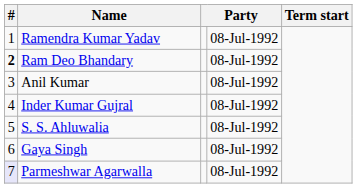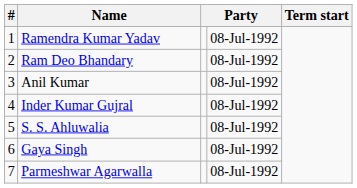 <table class="wikitable">
 <tr>
 <th>#</th>
 <th style="width:200px">Name</th>
 <th colspan="2">Party</th>
 <th>Term start</th>
 </tr>
 <tr>
 <td>1</td>
 <td><a href='#'>Ramendra Kumar Yadav</a></td>
 <td></td>
 <td>08-Jul-1992</td>
 </tr>
 <tr>
-<td><strong>2</strong></td>
+<td>2</td>
 <td><a href='#'>Ram Deo Bhandary</a></td>
 <td></td>
 <td>08-Jul-1992</td>
 </tr>
 <tr>
 <td>3</td>
 <td>Anil Kumar</td>
 <td></td>
 <td>08-Jul-1992</td>
 </tr>
 <tr>
 <td>4</td>
 <td><a href='#'>Inder Kumar Gujral</a></td>
 <td></td>
 <td>08-Jul-1992</td>
 </tr>
 <tr>
 <td>5</td>
 <td><a href='#'>S. S. Ahluwalia</a></td>
 <td></td>
 <td>08-Jul-1992</td>
 </tr>
 <tr>
 <td>6</td>
 <td><a href='#'>Gaya Singh</a></td>
 <td></td>
 <td>08-Jul-1992</td>
 </tr>
 <tr>
-<td style="background: lavender;">7</td>
+<td>7</td>
 <td><a href='#'>Parmeshwar Agarwalla</a></td>
 <td></td>
 <td>08-Jul-1992</td>
 </tr>
 </table>
